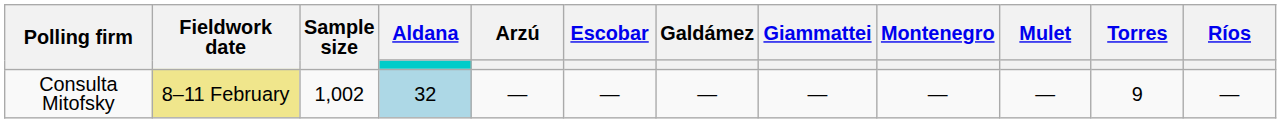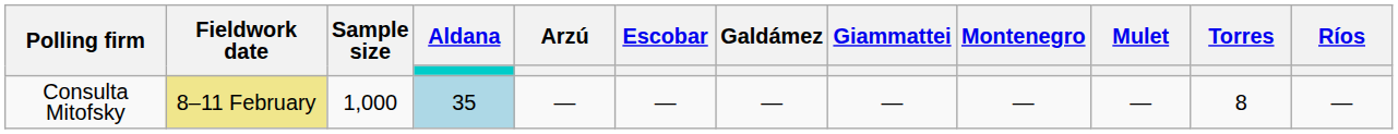 <table class="wikitable sortable" style="text-align:center;font-size:90%;line-height:14px;">
 <tr style="height:40px;">
 <th style="width:100px;" rowspan="2">Polling firm</th>
 <th style="width:100px;" rowspan="2">Fieldwork date</th>
 <th style="width:30px;" rowspan="2">Sample size</th>
 <th class="unsortable" style="width:60px;"><a href='#'>Aldana</a><br></th>
 <th class="unsortable" style="width:60px;">Arzú<br></th>
 <th class="unsortable" style="width:60px;"><a href='#'>Escobar</a><br></th>
 <th class="unsortable" style="width:60px;">Galdámez<br></th>
 <th class="unsortable" style="width:60px;"><a href='#'>Giammattei</a><br></th>
 <th class="unsortable" style="width:60px;"><a href='#'>Montenegro</a><br></th>
 <th class="unsortable" style="width:60px;"><a href='#'>Mulet</a><br></th>
 <th class="unsortable" style="width:60px;"><a href='#'>Torres</a><br></th>
 <th class="unsortable" style="width:60px;"><a href='#'>Ríos</a><br></th>
 </tr>
 <tr>
 <th style="background:#00CCC9;"></th>
 <th style="background:"></th>
 <th style="background:"></th>
 <th style="background:"></th>
 <th style="background:"></th>
 <th style="background:"></th>
 <th style="background:"></th>
 <th style="background:"></th>
 <th style="background:"></th>
 </tr>
 <tr>
 <td>Consulta Mitofsky</td>
 <td style="background: khaki;">8–11 February</td>
-<td>1,002</td>
-<td style="background:#ADD8E6;">32</td>
+<td>1,000</td>
+<td style="background:#ADD8E6;">35</td>
 <td>—</td>
 <td>—</td>
 <td>—</td>
 <td>—</td>
 <td>—</td>
 <td>—</td>
-<td>9</td>
+<td>8</td>
 <td>—</td>
 </tr>
 </table>
